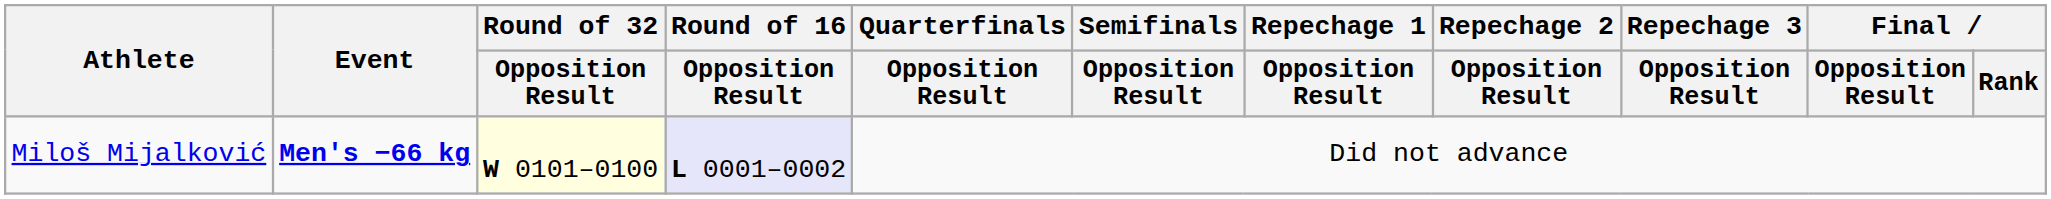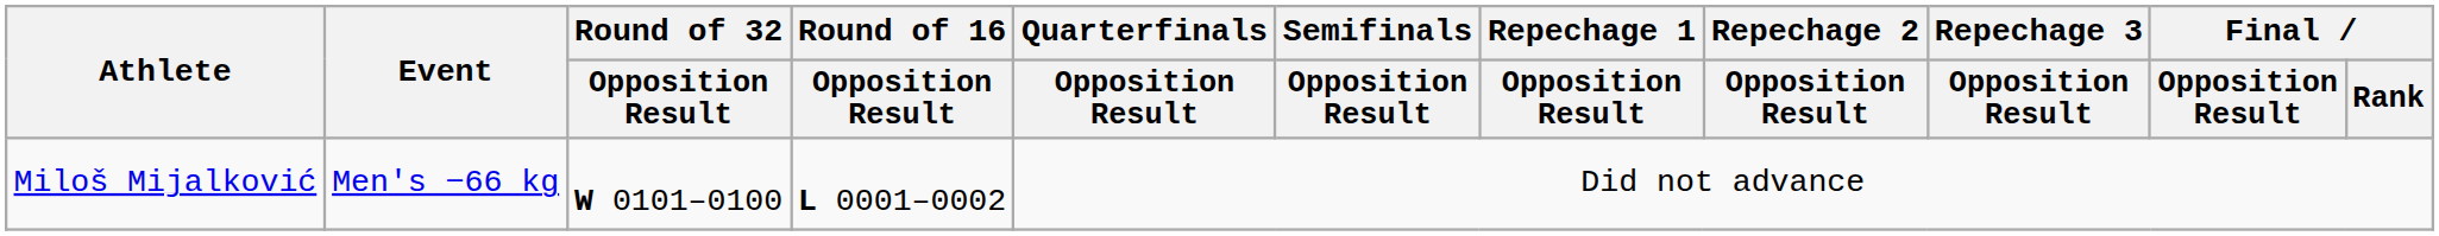 <table class="wikitable" style="font-size:90%">
 <tr>
 <th rowspan="2">Athlete</th>
 <th rowspan="2">Event</th>
 <th>Round of 32</th>
 <th>Round of 16</th>
 <th>Quarterfinals</th>
 <th>Semifinals</th>
 <th>Repechage 1</th>
 <th>Repechage 2</th>
 <th>Repechage 3</th>
 <th colspan=2>Final / </th>
 </tr>
 <tr style="font-size:95%">
 <th>Opposition<br>Result</th>
 <th>Opposition<br>Result</th>
 <th>Opposition<br>Result</th>
 <th>Opposition<br>Result</th>
 <th>Opposition<br>Result</th>
 <th>Opposition<br>Result</th>
 <th>Opposition<br>Result</th>
 <th>Opposition<br>Result</th>
 <th>Rank</th>
 </tr>
 <tr align=center>
 <td align=left><a href='#'>Miloš Mijalković</a></td>
-<td align=left><strong><a href='#'>Men's −66 kg</a></strong></td>
-<td style="background: lightyellow;"><br><strong>W</strong> 0101–0100</td>
-<td style="background: lavender;"><br><strong>L</strong> 0001–0002</td>
+<td align=left><a href='#'>Men's −66 kg</a></td>
+<td><br><strong>W</strong> 0101–0100</td>
+<td><br><strong>L</strong> 0001–0002</td>
 <td colspan=7>Did not advance</td>
 </tr>
 </table>
